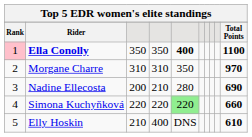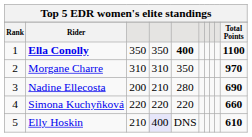 <table class="wikitable sortable">
 <tr>
 <th colspan=27 align="center"><strong>Top 5 EDR women's elite standings</strong></th>
 </tr>
 <tr>
 </tr>
 <tr style="font-size:8pt;font-weight:bold">
 <th align="center">Rank</th>
 <th align="center">Rider</th>
 <th class=unsortable style="background:#E5E4E2;"><small></small></th>
 <th class=unsortable style="background:#E5E4E2;"><small></small></th>
 <th class=unsortable style="background:#E5E4E2;"><small></small></th>
 <th class=unsortable style="background:#E5E4E2;"><small></small></th>
 <th class=unsortable style="background:#E5E4E2;"><small></small></th>
 <th class=unsortable style="background:#E5E4E2;"><small></small></th>
 <th class=unsortable style="background:#E5E4E2;"><small></small></th>
 <th align="center">Total<br>Points</th>
 </tr>
 <tr>
-<td align=center style="background: pink;">1</td>
+<td align=center>1</td>
 <td> <strong><a href='#'>Ella Conolly</a></strong></td>
 <td align=center>350</td>
 <td align=center>350</td>
 <td align=center><strong>400</strong></td>
 <td align=center></td>
 <td align=center></td>
 <td align=center></td>
 <td align=center></td>
 <td align=center><strong>1100</strong></td>
 </tr>
 <tr>
 <td align=center>2</td>
 <td> <a href='#'>Morgane Charre</a></td>
 <td align=center>310</td>
 <td align=center>310</td>
 <td align=center>350</td>
 <td align=center></td>
 <td align=center></td>
 <td align=center></td>
 <td align=center></td>
 <td align=center><strong>970</strong></td>
 </tr>
 <tr>
 <td align=center>3</td>
 <td> <a href='#'>Nadine Ellecosta</a></td>
 <td align=center>200</td>
 <td align=center>210</td>
 <td align=center>280</td>
 <td align=center></td>
 <td align=center></td>
 <td align=center></td>
 <td align=center></td>
 <td align=center><strong>690</strong></td>
 </tr>
 <tr>
 <td align=center>4</td>
 <td> <a href='#'>Simona Kuchyňková</a></td>
 <td align=center>220</td>
 <td align=center>220</td>
-<td align=center style="background: lightgreen;">220</td>
+<td align=center>220</td>
 <td align=center></td>
 <td align=center></td>
 <td align=center></td>
 <td align=center></td>
 <td align=center><strong>660</strong></td>
 </tr>
 <tr>
 <td align=center>5</td>
 <td> <a href='#'>Elly Hoskin</a></td>
 <td align=center>210</td>
-<td align=center>400</td>
+<td align=center style="background: lavender;">400</td>
 <td align=center>DNS</td>
 <td align=center></td>
 <td align=center></td>
 <td align=center></td>
 <td align=center></td>
 <td align=center><strong>610</strong><br></td>
 </tr>
 </table>
